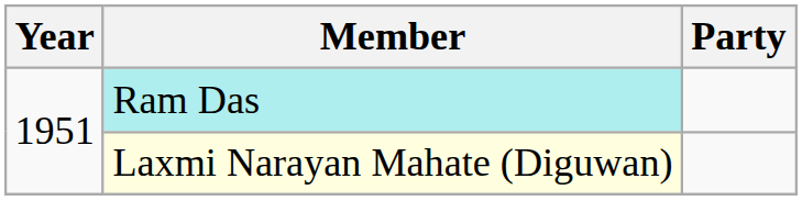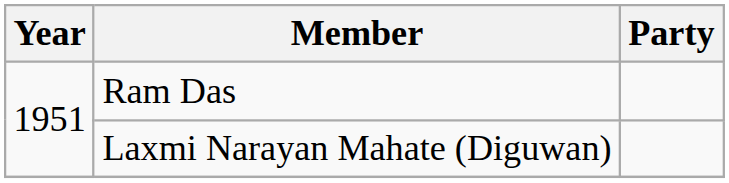 <table class="wikitable sortable">
 <tr>
 <th>Year</th>
 <th>Member</th>
 <th colspan="2">Party</th>
 </tr>
 <tr>
 <td rowspan=2>1951</td>
-<td style="background: paleturquoise;">Ram Das</td>
+<td>Ram Das</td>
 <td></td>
 </tr>
 <tr>
-<td style="background: lightyellow;">Laxmi Narayan Mahate (Diguwan)</td>
+<td>Laxmi Narayan Mahate (Diguwan)</td>
 <td></td>
 </tr>
 <tr>
 </tr>
 </table>
